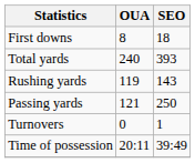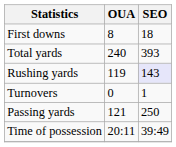 <table class="wikitable" style="float: left;">
 <tr>
 <th>Statistics</th>
 <th>OUA</th>
 <th>SEO</th>
 </tr>
 <tr>
 <td>First downs</td>
 <td>8</td>
 <td>18</td>
 </tr>
 <tr>
 <td>Total yards</td>
 <td>240</td>
 <td>393</td>
 </tr>
 <tr>
 <td>Rushing yards</td>
 <td>119</td>
-<td>143</td>
+<td style="background: lavender;">143</td>
+</tr>
+<tr>
+<td>Turnovers</td>
+<td>0</td>
+<td>1</td>
 </tr>
 <tr>
 <td>Passing yards</td>
 <td>121</td>
 <td>250</td>
-</tr>
-<tr>
-<td>Turnovers</td>
-<td>0</td>
-<td>1</td>
 </tr>
 <tr>
 <td>Time of possession</td>
 <td>20:11</td>
 <td>39:49</td>
 </tr>
 <tr>
 </tr>
 </table>
